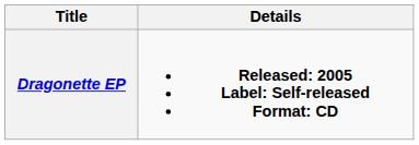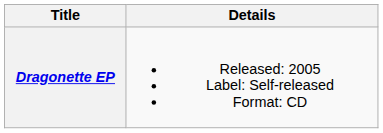 <table class="wikitable plainrowheaders" style="text-align:center;">
 <tr>
 <th scope="col" style="width:8em;">Title</th>
 <th scope="col" style="width:17em;">Details</th>
 </tr>
 <tr>
 <th scope="row"><em><a href='#'>Dragonette EP</a></em></th>
-<td><strong><br><ul><li>Released: 2005</li><li>Label: Self-released</li><li>Format: CD</li></ul></strong></td>
+<td><br><ul><li>Released: 2005</li><li>Label: Self-released</li><li>Format: CD</li></ul></td>
 </tr>
 </table>
